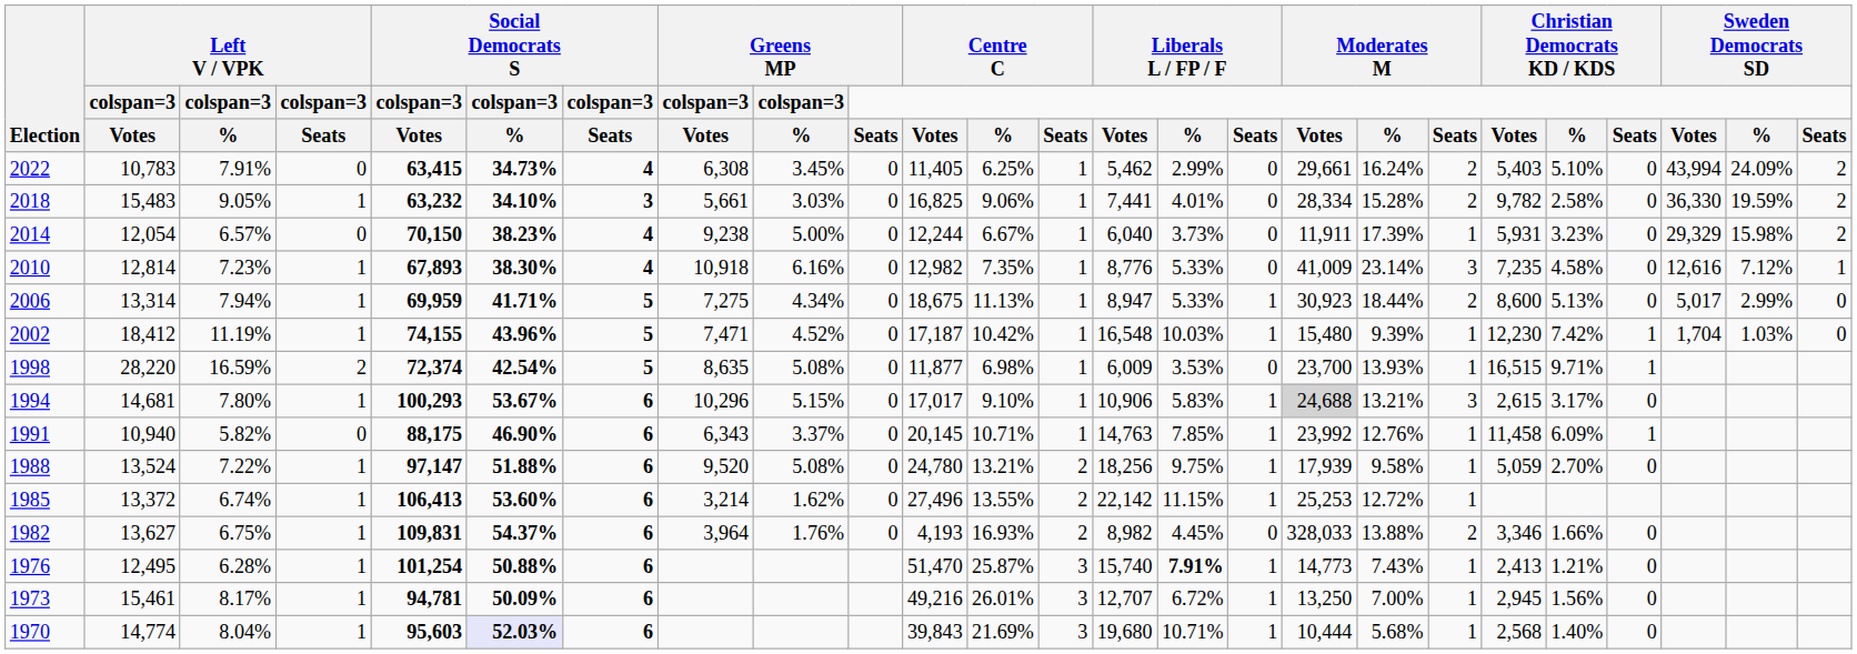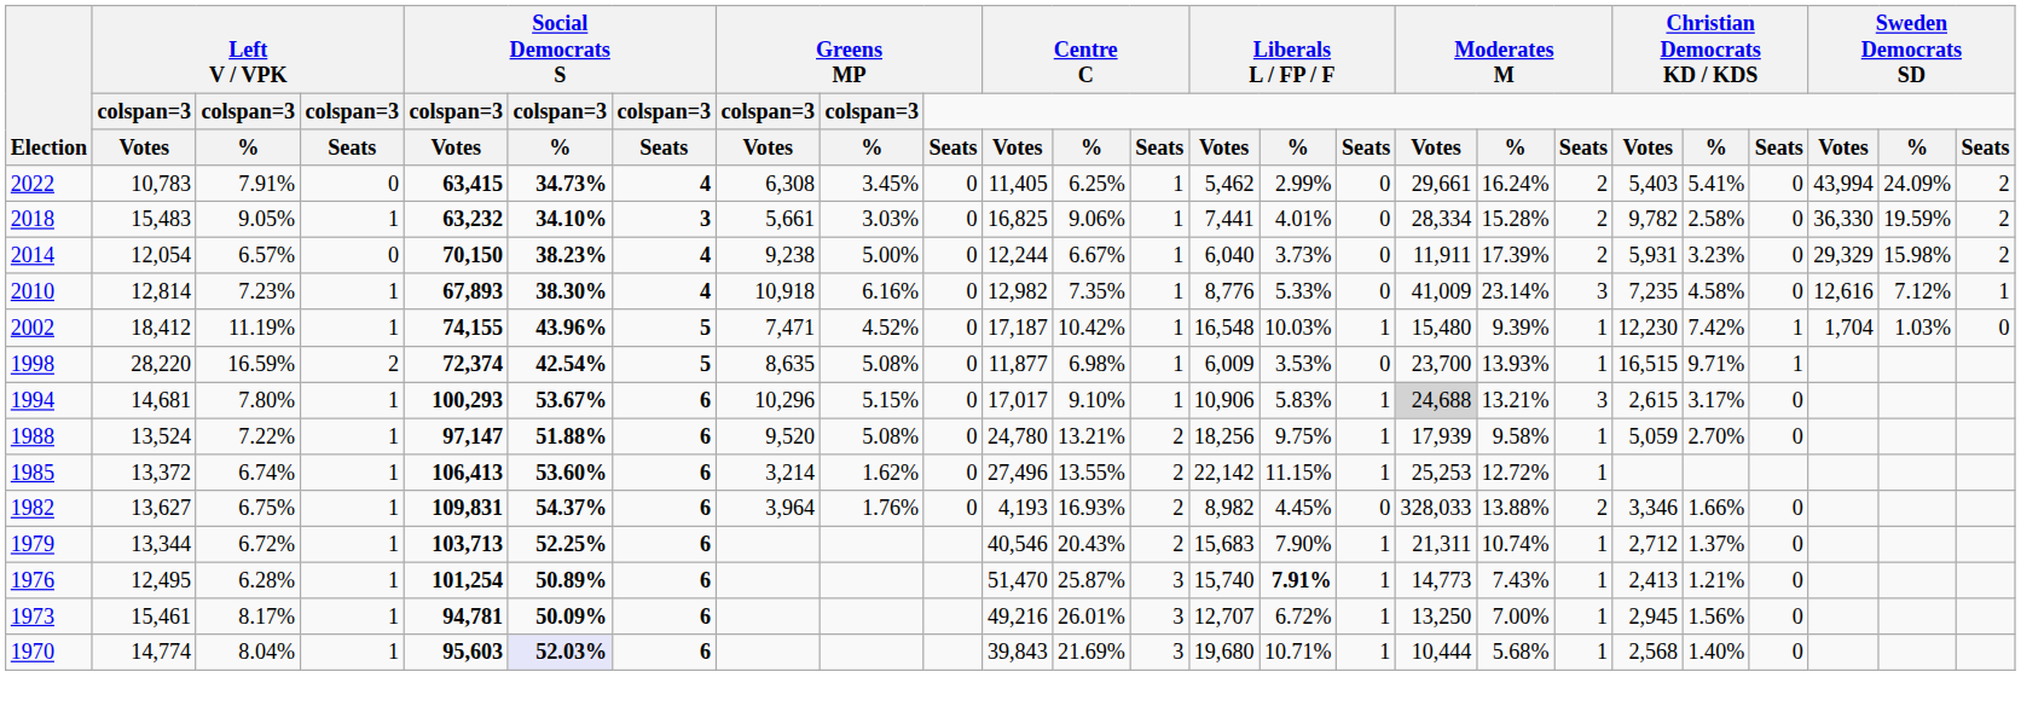 <table class="wikitable" border="1" style="font-size:95%; text-align:right;">
 <tr>
 <th style="text-align:left;" valign=bottom rowspan=3>Election</th>
 <th valign=bottom colspan=3><a href='#'>Left</a><br>V / VPK</th>
 <th valign=bottom colspan=3><a href='#'>Social<br>Democrats</a><br>S</th>
 <th valign=bottom colspan=3><a href='#'>Greens</a><br>MP</th>
 <th valign=bottom colspan=3><a href='#'>Centre</a><br>C</th>
 <th valign=bottom colspan=3><a href='#'>Liberals</a><br>L / FP / F</th>
 <th valign=bottom colspan=3><a href='#'>Moderates</a><br>M</th>
 <th valign=bottom colspan=3><a href='#'>Christian<br>Democrats</a><br>KD / KDS</th>
 <th valign=bottom colspan=3><a href='#'>Sweden<br>Democrats</a><br>SD</th>
 </tr>
 <tr>
 <th>colspan=3 </th>
 <th>colspan=3 </th>
 <th>colspan=3 </th>
 <th>colspan=3 </th>
 <th>colspan=3 </th>
 <th>colspan=3 </th>
 <th>colspan=3 </th>
 <th>colspan=3 </th>
 </tr>
 <tr>
 <th>Votes</th>
 <th>%</th>
 <th>Seats</th>
 <th>Votes</th>
 <th>%</th>
 <th>Seats</th>
 <th>Votes</th>
 <th>%</th>
 <th>Seats</th>
 <th>Votes</th>
 <th>%</th>
 <th>Seats</th>
 <th>Votes</th>
 <th>%</th>
 <th>Seats</th>
 <th>Votes</th>
 <th>%</th>
 <th>Seats</th>
 <th>Votes</th>
 <th>%</th>
 <th>Seats</th>
 <th>Votes</th>
 <th>%</th>
 <th>Seats</th>
 </tr>
 <tr>
 <td align=left><a href='#'>2022</a></td>
 <td>10,783</td>
 <td>7.91%</td>
 <td>0</td>
 <td><strong>63,415</strong></td>
 <td><strong>34.73%</strong></td>
 <td><strong>4</strong></td>
 <td>6,308</td>
 <td>3.45%</td>
 <td>0</td>
 <td>11,405</td>
 <td>6.25%</td>
 <td>1</td>
 <td>5,462</td>
 <td>2.99%</td>
 <td>0</td>
 <td>29,661</td>
 <td>16.24%</td>
 <td>2</td>
 <td>5,403</td>
-<td>5.10%</td>
+<td>5.41%</td>
 <td>0</td>
 <td>43,994</td>
 <td>24.09%</td>
 <td>2</td>
 </tr>
 <tr>
 <td align=left><a href='#'>2018</a></td>
 <td>15,483</td>
 <td>9.05%</td>
 <td>1</td>
 <td><strong>63,232</strong></td>
 <td><strong>34.10%</strong></td>
 <td><strong>3</strong></td>
 <td>5,661</td>
 <td>3.03%</td>
 <td>0</td>
 <td>16,825</td>
 <td>9.06%</td>
 <td>1</td>
 <td>7,441</td>
 <td>4.01%</td>
 <td>0</td>
 <td>28,334</td>
 <td>15.28%</td>
 <td>2</td>
 <td>9,782</td>
 <td>2.58%</td>
 <td>0</td>
 <td>36,330</td>
 <td>19.59%</td>
 <td>2</td>
 </tr>
 <tr>
 <td align=left><a href='#'>2014</a></td>
 <td>12,054</td>
 <td>6.57%</td>
 <td>0</td>
 <td><strong>70,150</strong></td>
 <td><strong>38.23%</strong></td>
 <td><strong>4</strong></td>
 <td>9,238</td>
 <td>5.00%</td>
 <td>0</td>
 <td>12,244</td>
 <td>6.67%</td>
 <td>1</td>
 <td>6,040</td>
 <td>3.73%</td>
 <td>0</td>
 <td>11,911</td>
 <td>17.39%</td>
-<td>1</td>
+<td>2</td>
 <td>5,931</td>
 <td>3.23%</td>
 <td>0</td>
 <td>29,329</td>
 <td>15.98%</td>
 <td>2</td>
 </tr>
 <tr>
 <td align=left><a href='#'>2010</a></td>
 <td>12,814</td>
 <td>7.23%</td>
 <td>1</td>
 <td><strong>67,893</strong></td>
 <td><strong>38.30%</strong></td>
 <td><strong>4</strong></td>
 <td>10,918</td>
 <td>6.16%</td>
 <td>0</td>
 <td>12,982</td>
 <td>7.35%</td>
 <td>1</td>
 <td>8,776</td>
 <td>5.33%</td>
 <td>0</td>
 <td>41,009</td>
 <td>23.14%</td>
 <td>3</td>
 <td>7,235</td>
 <td>4.58%</td>
 <td>0</td>
 <td>12,616</td>
 <td>7.12%</td>
 <td>1</td>
-</tr>
-<tr>
-<td align=left><a href='#'>2006</a></td>
-<td>13,314</td>
-<td>7.94%</td>
-<td>1</td>
-<td><strong>69,959</strong></td>
-<td><strong>41.71%</strong></td>
-<td><strong>5</strong></td>
-<td>7,275</td>
-<td>4.34%</td>
-<td>0</td>
-<td>18,675</td>
-<td>11.13%</td>
-<td>1</td>
-<td>8,947</td>
-<td>5.33%</td>
-<td>1</td>
-<td>30,923</td>
-<td>18.44%</td>
-<td>2</td>
-<td>8,600</td>
-<td>5.13%</td>
-<td>0</td>
-<td>5,017</td>
-<td>2.99%</td>
-<td>0</td>
 </tr>
 <tr>
 <td align=left><a href='#'>2002</a></td>
 <td>18,412</td>
 <td>11.19%</td>
 <td>1</td>
 <td><strong>74,155</strong></td>
 <td><strong>43.96%</strong></td>
 <td><strong>5</strong></td>
 <td>7,471</td>
 <td>4.52%</td>
 <td>0</td>
 <td>17,187</td>
 <td>10.42%</td>
 <td>1</td>
 <td>16,548</td>
 <td>10.03%</td>
 <td>1</td>
 <td>15,480</td>
 <td>9.39%</td>
 <td>1</td>
 <td>12,230</td>
 <td>7.42%</td>
 <td>1</td>
 <td>1,704</td>
 <td>1.03%</td>
 <td>0</td>
 </tr>
 <tr>
 <td align=left><a href='#'>1998</a></td>
 <td>28,220</td>
 <td>16.59%</td>
 <td>2</td>
 <td><strong>72,374</strong></td>
 <td><strong>42.54%</strong></td>
 <td><strong>5</strong></td>
 <td>8,635</td>
 <td>5.08%</td>
 <td>0</td>
 <td>11,877</td>
 <td>6.98%</td>
 <td>1</td>
 <td>6,009</td>
 <td>3.53%</td>
 <td>0</td>
 <td>23,700</td>
 <td>13.93%</td>
 <td>1</td>
 <td>16,515</td>
 <td>9.71%</td>
 <td>1</td>
 <td></td>
 <td></td>
 <td></td>
 </tr>
 <tr>
 <td align=left><a href='#'>1994</a></td>
 <td>14,681</td>
 <td>7.80%</td>
 <td>1</td>
 <td><strong>100,293</strong></td>
 <td><strong>53.67%</strong></td>
 <td><strong>6</strong></td>
 <td>10,296</td>
 <td>5.15%</td>
 <td>0</td>
 <td>17,017</td>
 <td>9.10%</td>
 <td>1</td>
 <td>10,906</td>
 <td>5.83%</td>
 <td>1</td>
 <td style="background: lightgrey;">24,688</td>
 <td>13.21%</td>
 <td>3</td>
 <td>2,615</td>
 <td>3.17%</td>
 <td>0</td>
-<td></td>
-<td></td>
-<td></td>
-</tr>
-<tr>
-<td align=left><a href='#'>1991</a></td>
-<td>10,940</td>
-<td>5.82%</td>
-<td>0</td>
-<td><strong>88,175</strong></td>
-<td><strong>46.90%</strong></td>
-<td><strong>6</strong></td>
-<td>6,343</td>
-<td>3.37%</td>
-<td>0</td>
-<td>20,145</td>
-<td>10.71%</td>
-<td>1</td>
-<td>14,763</td>
-<td>7.85%</td>
-<td>1</td>
-<td>23,992</td>
-<td>12.76%</td>
-<td>1</td>
-<td>11,458</td>
-<td>6.09%</td>
-<td>1</td>
 <td></td>
 <td></td>
 <td></td>
 </tr>
 <tr>
 <td align=left><a href='#'>1988</a></td>
 <td>13,524</td>
 <td>7.22%</td>
 <td>1</td>
 <td><strong>97,147</strong></td>
 <td><strong>51.88%</strong></td>
 <td><strong>6</strong></td>
 <td>9,520</td>
 <td>5.08%</td>
 <td>0</td>
 <td>24,780</td>
 <td>13.21%</td>
 <td>2</td>
 <td>18,256</td>
 <td>9.75%</td>
 <td>1</td>
 <td>17,939</td>
 <td>9.58%</td>
 <td>1</td>
 <td>5,059</td>
 <td>2.70%</td>
 <td>0</td>
 <td></td>
 <td></td>
 <td></td>
 </tr>
 <tr>
 <td align=left><a href='#'>1985</a></td>
 <td>13,372</td>
 <td>6.74%</td>
 <td>1</td>
 <td><strong>106,413</strong></td>
 <td><strong>53.60%</strong></td>
 <td><strong>6</strong></td>
 <td>3,214</td>
 <td>1.62%</td>
 <td>0</td>
 <td>27,496</td>
 <td>13.55%</td>
 <td>2</td>
 <td>22,142</td>
 <td>11.15%</td>
 <td>1</td>
 <td>25,253</td>
 <td>12.72%</td>
 <td>1</td>
 <td></td>
 <td></td>
 <td></td>
 <td></td>
 <td></td>
 <td></td>
 </tr>
 <tr>
 <td align=left><a href='#'>1982</a></td>
 <td>13,627</td>
 <td>6.75%</td>
 <td>1</td>
 <td><strong>109,831</strong></td>
 <td><strong>54.37%</strong></td>
 <td><strong>6</strong></td>
 <td>3,964</td>
 <td>1.76%</td>
 <td>0</td>
 <td>4,193</td>
 <td>16.93%</td>
 <td>2</td>
 <td>8,982</td>
 <td>4.45%</td>
 <td>0</td>
 <td>328,033</td>
 <td>13.88%</td>
 <td>2</td>
 <td>3,346</td>
 <td>1.66%</td>
 <td>0</td>
 <td></td>
 <td></td>
 <td></td>
 </tr>
 <tr>
+<td align=left><a href='#'>1979</a></td>
+<td>13,344</td>
+<td>6.72%</td>
+<td>1</td>
+<td><strong>103,713</strong></td>
+<td><strong>52.25%</strong></td>
+<td><strong>6</strong></td>
+<td></td>
+<td></td>
+<td></td>
+<td>40,546</td>
+<td>20.43%</td>
+<td>2</td>
+<td>15,683</td>
+<td>7.90%</td>
+<td>1</td>
+<td>21,311</td>
+<td>10.74%</td>
+<td>1</td>
+<td>2,712</td>
+<td>1.37%</td>
+<td>0</td>
+<td></td>
+<td></td>
+<td></td>
+</tr>
+<tr>
 <td align=left><a href='#'>1976</a></td>
 <td>12,495</td>
 <td>6.28%</td>
 <td>1</td>
 <td><strong>101,254</strong></td>
-<td><strong>50.88%</strong></td>
+<td><strong>50.89%</strong></td>
 <td><strong>6</strong></td>
 <td></td>
 <td></td>
 <td></td>
 <td>51,470</td>
 <td>25.87%</td>
 <td>3</td>
 <td>15,740</td>
 <td><strong>7.91%</strong></td>
 <td>1</td>
 <td>14,773</td>
 <td>7.43%</td>
 <td>1</td>
 <td>2,413</td>
 <td>1.21%</td>
 <td>0</td>
 <td></td>
 <td></td>
 <td></td>
 </tr>
 <tr>
 <td align=left><a href='#'>1973</a></td>
 <td>15,461</td>
 <td>8.17%</td>
 <td>1</td>
 <td><strong>94,781</strong></td>
 <td><strong>50.09%</strong></td>
 <td><strong>6</strong></td>
 <td></td>
 <td></td>
 <td></td>
 <td>49,216</td>
 <td>26.01%</td>
 <td>3</td>
 <td>12,707</td>
 <td>6.72%</td>
 <td>1</td>
 <td>13,250</td>
 <td>7.00%</td>
 <td>1</td>
 <td>2,945</td>
 <td>1.56%</td>
 <td>0</td>
 <td></td>
 <td></td>
 <td></td>
 </tr>
 <tr>
 <td align=left><a href='#'>1970</a></td>
 <td>14,774</td>
 <td>8.04%</td>
 <td>1</td>
 <td><strong>95,603</strong></td>
 <td style="background: lavender;"><strong>52.03%</strong></td>
 <td><strong>6</strong></td>
 <td></td>
 <td></td>
 <td></td>
 <td>39,843</td>
 <td>21.69%</td>
 <td>3</td>
 <td>19,680</td>
 <td>10.71%</td>
 <td>1</td>
 <td>10,444</td>
 <td>5.68%</td>
 <td>1</td>
 <td>2,568</td>
 <td>1.40%</td>
 <td>0</td>
 <td></td>
 <td></td>
 <td></td>
 </tr>
 </table>
